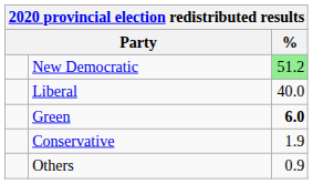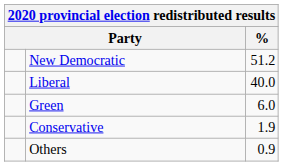 <table class="wikitable">
 <tr>
 <th colspan="4"><a href='#'>2020 provincial election</a> redistributed results</th>
 </tr>
 <tr>
 <th bgcolor="#DDDDFF" width="130px" colspan="2">Party</th>
 <th bgcolor="#DDDDFF" width="30px">%</th>
 </tr>
 <tr>
 <td> </td>
 <td><a href='#'>New Democratic</a></td>
-<td align=right style="background: lightgreen;">51.2</td>
+<td align=right>51.2</td>
 </tr>
 <tr>
 <td> </td>
 <td><a href='#'>Liberal</a></td>
 <td align=right>40.0</td>
 </tr>
 <tr>
 <td> </td>
 <td><a href='#'>Green</a></td>
-<td align=right><strong>6.0</strong></td>
+<td align=right>6.0</td>
 </tr>
 <tr>
 <td> </td>
 <td><a href='#'>Conservative</a></td>
 <td align=right>1.9</td>
 </tr>
 <tr>
 <td> </td>
 <td>Others</td>
 <td align=right>0.9</td>
 </tr>
 </table>
